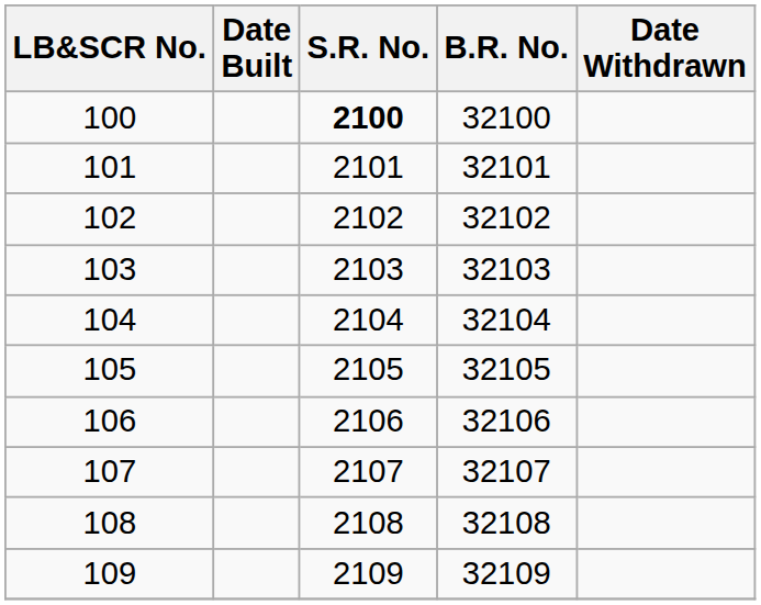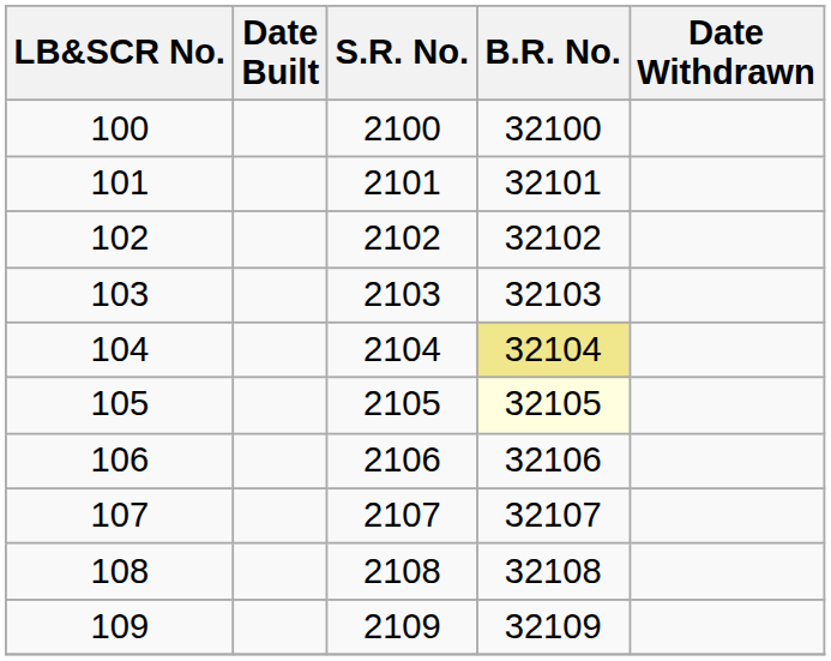 <table class="wikitable sortable collapsible collapsed" style="text-align:center">
 <tr>
 <th>LB&SCR No.</th>
 <th>Date<br>Built</th>
 <th>S.R. No.</th>
 <th>B.R. No.</th>
 <th>Date<br>Withdrawn</th>
 </tr>
 <tr>
 <td>100</td>
 <td></td>
-<td><strong>2100</strong></td>
+<td>2100</td>
 <td>32100</td>
 <td></td>
 </tr>
 <tr>
 <td>101</td>
 <td></td>
 <td>2101</td>
 <td>32101</td>
 <td></td>
 </tr>
 <tr>
 <td>102</td>
 <td></td>
 <td>2102</td>
 <td>32102</td>
 <td></td>
 </tr>
 <tr>
 <td>103</td>
 <td></td>
 <td>2103</td>
 <td>32103</td>
 <td></td>
 </tr>
 <tr>
 <td>104</td>
 <td></td>
 <td>2104</td>
-<td>32104</td>
+<td style="background: khaki;">32104</td>
 <td></td>
 </tr>
 <tr>
 <td>105</td>
 <td></td>
 <td>2105</td>
-<td>32105</td>
+<td style="background: lightyellow;">32105</td>
 <td></td>
 </tr>
 <tr>
 <td>106</td>
 <td></td>
 <td>2106</td>
 <td>32106</td>
 <td></td>
 </tr>
 <tr>
 <td>107</td>
 <td></td>
 <td>2107</td>
 <td>32107</td>
 <td></td>
 </tr>
 <tr>
 <td>108</td>
 <td></td>
 <td>2108</td>
 <td>32108</td>
 <td></td>
 </tr>
 <tr>
 <td>109</td>
 <td></td>
 <td>2109</td>
 <td>32109</td>
 <td></td>
 </tr>
 <tr>
 </tr>
 </table>
